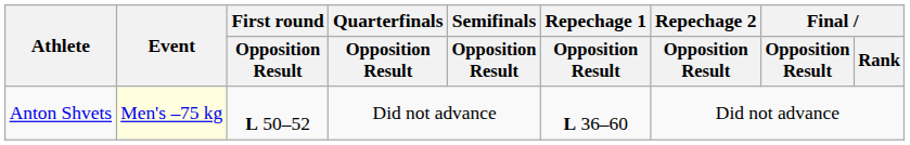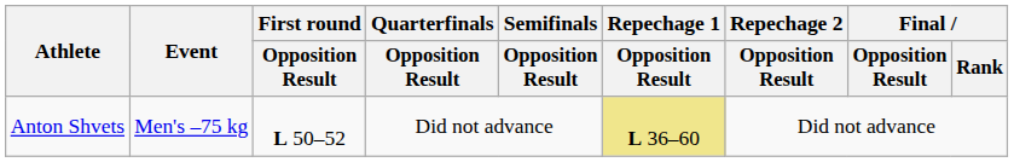 <table class="wikitable" style="font-size:90%;">
 <tr>
 <th rowspan=2>Athlete</th>
 <th rowspan=2>Event</th>
 <th>First round</th>
 <th>Quarterfinals</th>
 <th>Semifinals</th>
 <th>Repechage 1</th>
 <th>Repechage 2</th>
 <th colspan=2>Final / </th>
 </tr>
 <tr style="font-size:95%">
 <th>Opposition<br>Result</th>
 <th>Opposition<br>Result</th>
 <th>Opposition<br>Result</th>
 <th>Opposition<br>Result</th>
 <th>Opposition<br>Result</th>
 <th>Opposition<br>Result</th>
 <th>Rank</th>
 </tr>
 <tr align=center>
 <td align=left><a href='#'>Anton Shvets</a></td>
-<td align=left style="background: lightyellow;"><a href='#'>Men's –75 kg</a></td>
+<td align=left><a href='#'>Men's –75 kg</a></td>
 <td><br> <strong>L</strong> 50–52</td>
 <td colspan=2>Did not advance</td>
-<td><br> <strong>L</strong> 36–60</td>
+<td style="background: khaki;"><br> <strong>L</strong> 36–60</td>
 <td colspan=3>Did not advance</td>
 </tr>
 </table>
